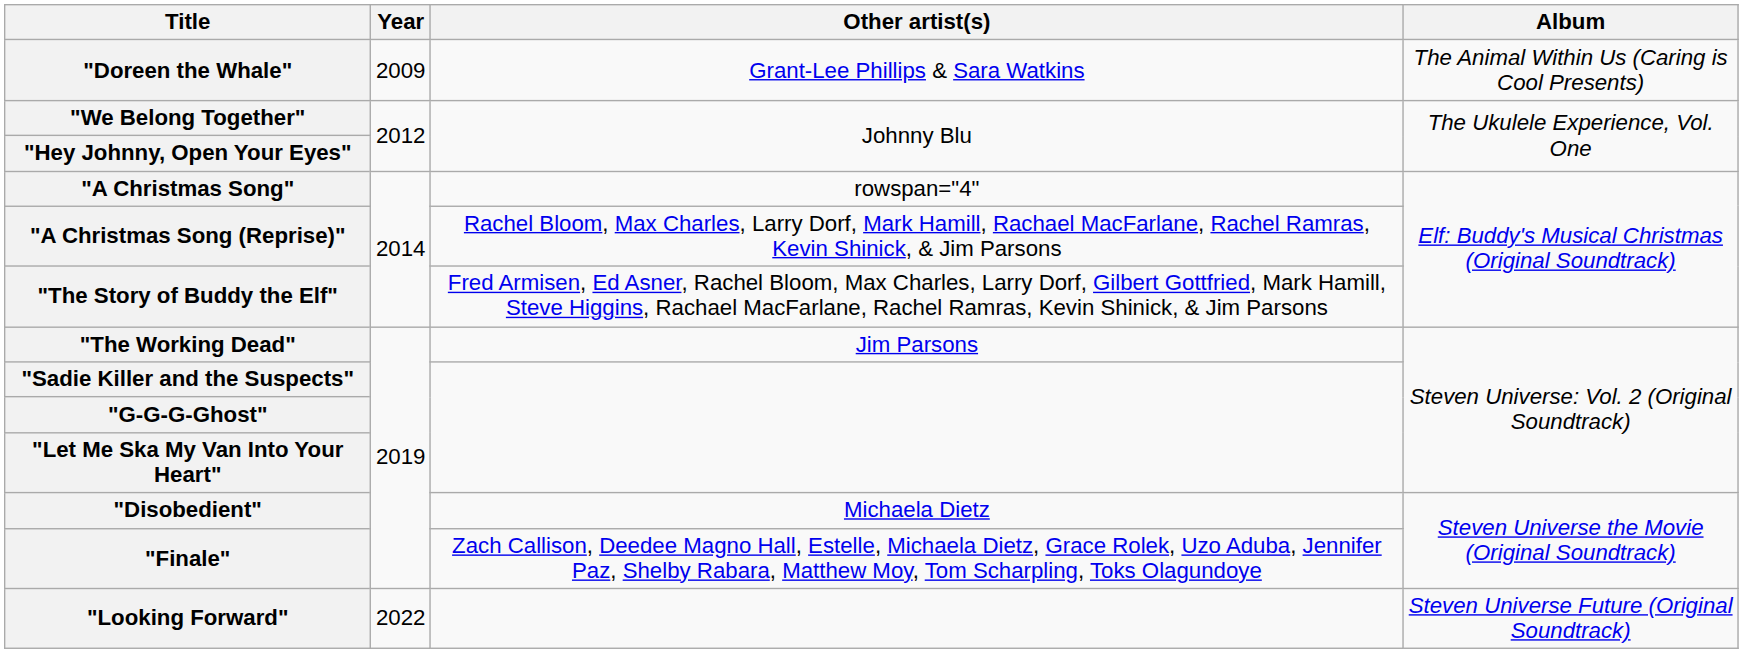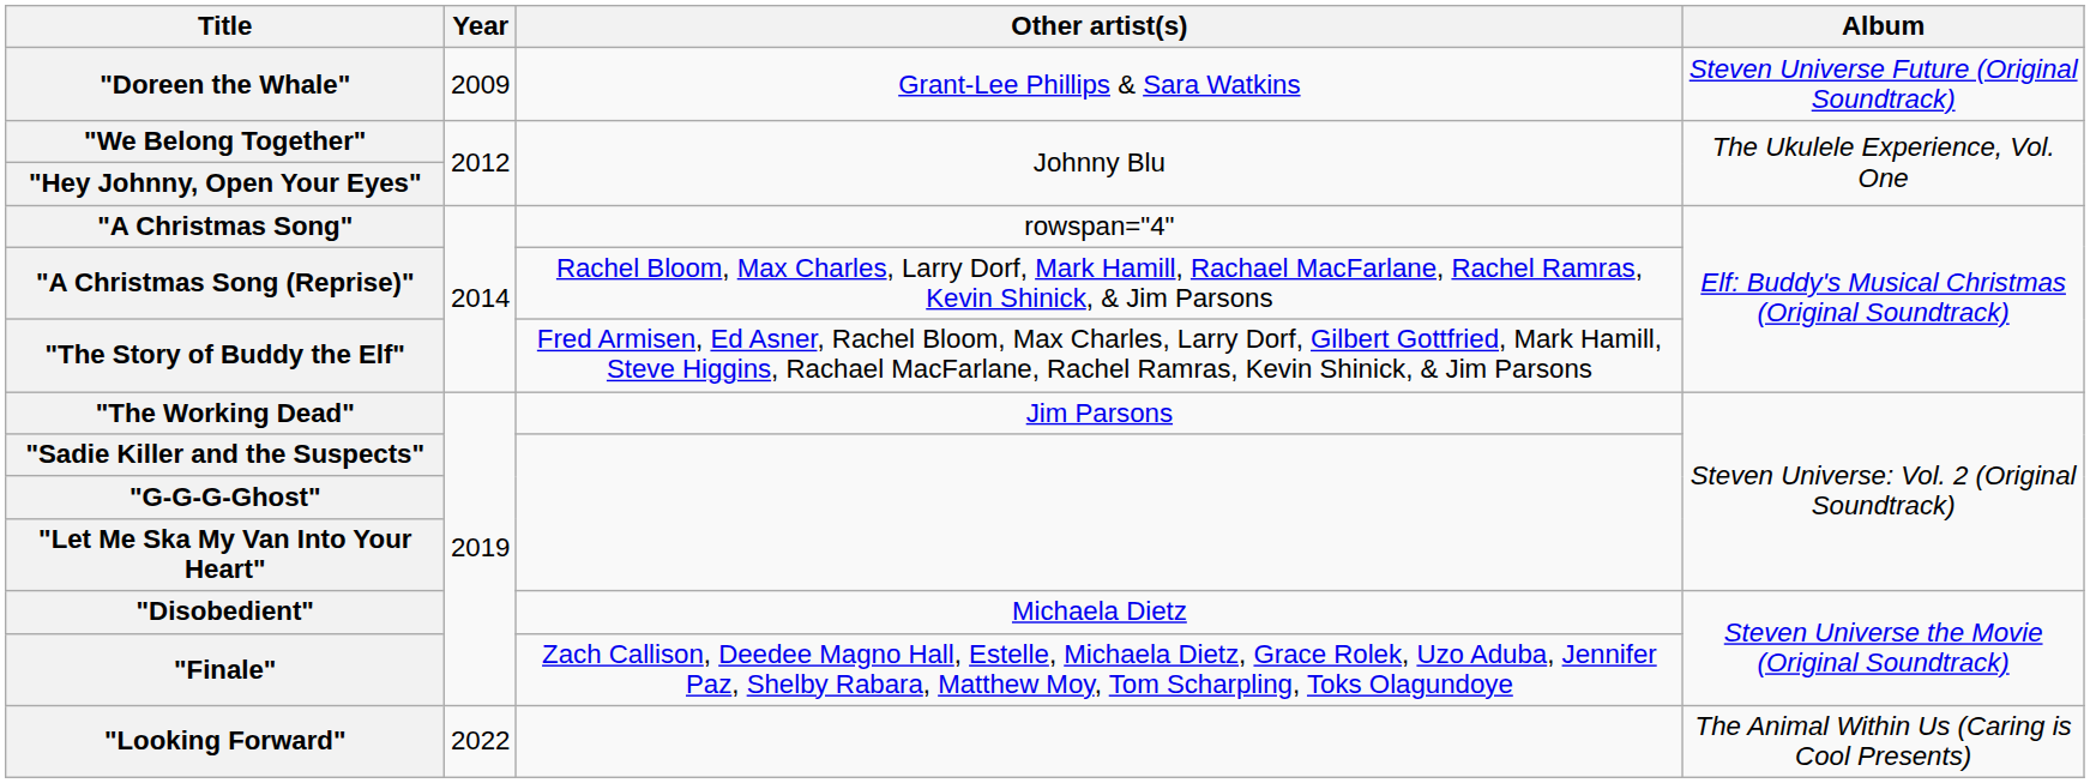 <table class="wikitable plainrowheaders" style="text-align:center">
 <tr>
 <th scope="col" style="width:16em;">Title</th>
 <th scope="col">Year</th>
 <th scope="col">Other artist(s)</th>
 <th scope="col">Album</th>
 </tr>
 <tr>
 <th scope="row">"Doreen the Whale"</th>
 <td>2009</td>
 <td><a href='#'>Grant-Lee Phillips</a> & <a href='#'>Sara Watkins</a></td>
-<td><em>The Animal Within Us (Caring is Cool Presents)</em></td>
+<td><em><a href='#'>Steven Universe Future (Original Soundtrack)</a></em></td>
 </tr>
 <tr>
 <th scope="row">"We Belong Together"</th>
 <td rowspan="2">2012</td>
 <td rowspan="2">Johnny Blu</td>
 <td rowspan="2"><em>The Ukulele Experience, Vol. One</em></td>
 </tr>
 <tr>
 <th scope="row">"Hey Johnny, Open Your Eyes"</th>
 </tr>
 <tr>
 <th scope="row">"A Christmas Song"</th>
 <td rowspan="3">2014</td>
 <td>rowspan="4" </td>
 <td rowspan="3"><em><a href='#'>Elf: Buddy's Musical Christmas (Original Soundtrack)</a></em></td>
 </tr>
 <tr>
 <th scope="row">"A Christmas Song (Reprise)"</th>
 <td><a href='#'>Rachel Bloom</a>, <a href='#'>Max Charles</a>, Larry Dorf, <a href='#'>Mark Hamill</a>, <a href='#'>Rachael MacFarlane</a>, <a href='#'>Rachel Ramras</a>, <a href='#'>Kevin Shinick</a>, & Jim Parsons</td>
 </tr>
 <tr>
 <th scope="row">"The Story of Buddy the Elf"</th>
 <td><a href='#'>Fred Armisen</a>, <a href='#'>Ed Asner</a>, Rachel Bloom, Max Charles, Larry Dorf, <a href='#'>Gilbert Gottfried</a>, Mark Hamill, <a href='#'>Steve Higgins</a>, Rachael MacFarlane, Rachel Ramras, Kevin Shinick, & Jim Parsons</td>
 </tr>
 <tr>
 <th scope="row">"The Working Dead"</th>
 <td rowspan="6">2019</td>
 <td><a href='#'>Jim Parsons</a></td>
 <td rowspan="4"><em>Steven Universe: Vol. 2 (Original Soundtrack)</em></td>
 </tr>
 <tr>
 <th scope="row">"Sadie Killer and the Suspects"</th>
 </tr>
 <tr>
 <th scope="row">"G-G-G-Ghost"</th>
 </tr>
 <tr>
 <th scope="row">"Let Me Ska My Van Into Your Heart"</th>
 </tr>
 <tr>
 <th scope="row">"Disobedient"</th>
 <td><a href='#'>Michaela Dietz</a></td>
 <td rowspan="2"><em><a href='#'>Steven Universe the Movie (Original Soundtrack)</a></em></td>
 </tr>
 <tr>
 <th scope="row">"Finale"</th>
 <td><a href='#'>Zach Callison</a>, <a href='#'>Deedee Magno Hall</a>, <a href='#'>Estelle</a>, <a href='#'>Michaela Dietz</a>, <a href='#'>Grace Rolek</a>, <a href='#'>Uzo Aduba</a>, <a href='#'>Jennifer Paz</a>, <a href='#'>Shelby Rabara</a>, <a href='#'>Matthew Moy</a>, <a href='#'>Tom Scharpling</a>, <a href='#'>Toks Olagundoye</a></td>
 </tr>
 <tr>
 <th scope="row">"Looking Forward"</th>
 <td>2022</td>
 <td></td>
-<td><em><a href='#'>Steven Universe Future (Original Soundtrack)</a></em></td>
+<td><em>The Animal Within Us (Caring is Cool Presents)</em></td>
 </tr>
 </table>
